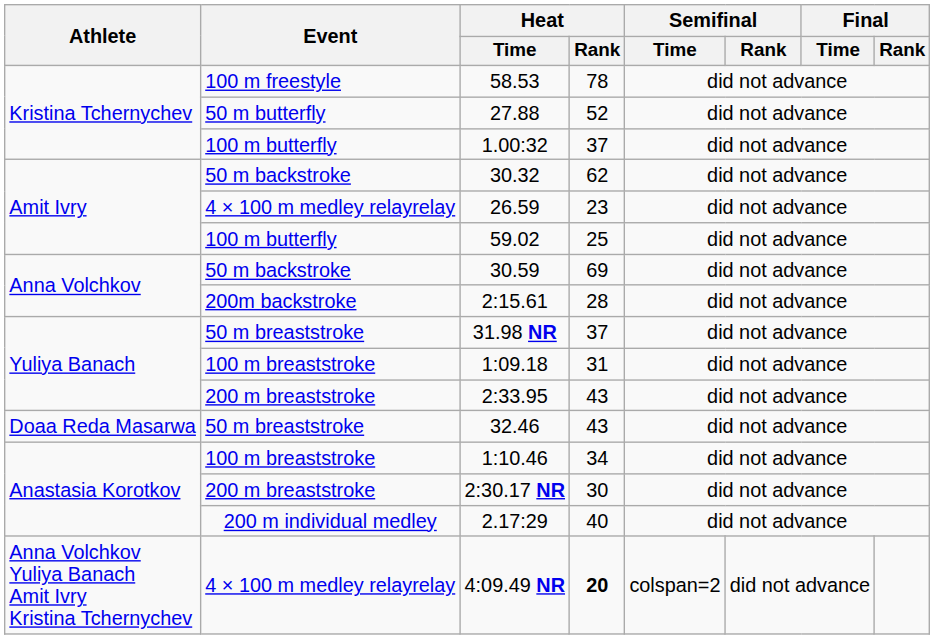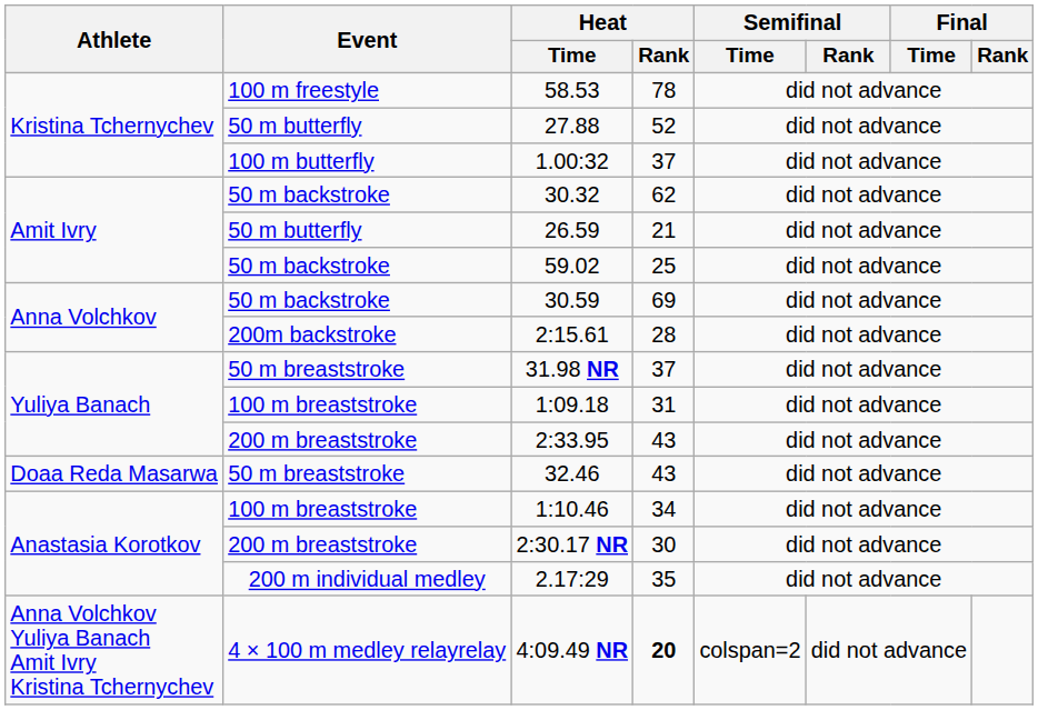 <table class=wikitable style="font-size:90%">
 <tr>
 <th rowspan="2">Athlete</th>
 <th rowspan="2">Event</th>
 <th colspan="2">Heat</th>
 <th colspan="2">Semifinal</th>
 <th colspan="2">Final</th>
 </tr>
 <tr style="font-size:95%">
 <th>Time</th>
 <th>Rank</th>
 <th>Time</th>
 <th>Rank</th>
 <th>Time</th>
 <th>Rank</th>
 </tr>
 <tr align=center>
 <td align=left rowspan=3><a href='#'>Kristina Tchernychev</a></td>
 <td align=left><a href='#'>100 m freestyle</a></td>
 <td>58.53</td>
 <td>78</td>
 <td colspan=4>did not advance</td>
 </tr>
 <tr align=center>
 <td align=left><a href='#'>50 m butterfly</a></td>
 <td>27.88</td>
 <td>52</td>
 <td colspan=4>did not advance</td>
 </tr>
 <tr align=center>
 <td align=left><a href='#'>100 m butterfly</a></td>
 <td>1.00:32</td>
 <td>37</td>
 <td colspan=4>did not advance</td>
 </tr>
 <tr align=center>
 <td align=left rowspan=3><a href='#'>Amit Ivry</a></td>
 <td align=left><a href='#'>50 m backstroke</a></td>
 <td>30.32</td>
 <td>62</td>
 <td colspan=4>did not advance</td>
 </tr>
 <tr align=center>
-<td align=left><a href='#'>4 × 100 m medley relayrelay</a></td>
+<td align=left><a href='#'>50 m butterfly</a></td>
 <td>26.59</td>
-<td>23</td>
+<td>21</td>
 <td colspan=4>did not advance</td>
 </tr>
 <tr align=center>
-<td align=left><a href='#'>100 m butterfly</a></td>
+<td align=left><a href='#'>50 m backstroke</a></td>
 <td>59.02</td>
 <td>25</td>
 <td colspan=4>did not advance</td>
 </tr>
 <tr align=center>
 <td align=left rowspan=2><a href='#'>Anna Volchkov</a></td>
 <td align=left><a href='#'>50 m backstroke</a></td>
 <td>30.59</td>
 <td>69</td>
 <td colspan=4>did not advance</td>
 </tr>
 <tr align=center>
 <td align=left><a href='#'>200m backstroke</a></td>
 <td>2:15.61</td>
 <td>28</td>
 <td colspan=4>did not advance</td>
 </tr>
 <tr align=center>
 <td align=left rowspan=3><a href='#'>Yuliya Banach</a></td>
 <td align=left><a href='#'>50 m breaststroke</a></td>
 <td>31.98 <strong><a href='#'>NR</a></strong></td>
 <td>37</td>
 <td colspan=4>did not advance</td>
 </tr>
 <tr align=center>
 <td align=left><a href='#'>100 m breaststroke</a></td>
 <td>1:09.18</td>
 <td>31</td>
 <td colspan=4>did not advance</td>
 </tr>
 <tr align=center>
 <td align=left><a href='#'>200 m breaststroke</a></td>
 <td>2:33.95</td>
 <td>43</td>
 <td colspan=4>did not advance</td>
 </tr>
 <tr align=center>
 <td align=left><a href='#'>Doaa Reda Masarwa</a></td>
 <td align=left><a href='#'>50 m breaststroke</a></td>
 <td>32.46</td>
 <td>43</td>
 <td colspan=4>did not advance</td>
 </tr>
 <tr align=center>
 <td align=left rowspan=3><a href='#'>Anastasia Korotkov</a></td>
 <td align=left><a href='#'>100 m breaststroke</a></td>
 <td>1:10.46</td>
 <td>34</td>
 <td colspan=4>did not advance</td>
 </tr>
 <tr align=center>
 <td align=left><a href='#'>200 m breaststroke</a></td>
 <td>2:30.17 <strong><a href='#'>NR</a></strong></td>
 <td>30</td>
 <td colspan=4>did not advance</td>
 </tr>
 <tr align=center>
 <td><a href='#'>200 m individual medley</a></td>
 <td>2.17:29</td>
-<td>40</td>
+<td>35</td>
 <td colspan=4>did not advance</td>
 </tr>
 <tr align=center>
 <td align=left><a href='#'>Anna Volchkov</a><br><a href='#'>Yuliya Banach</a><br><a href='#'>Amit Ivry</a><br><a href='#'>Kristina Tchernychev</a></td>
 <td align=left><a href='#'>4 × 100 m medley relayrelay</a></td>
 <td>4:09.49 <strong><a href='#'>NR</a></strong></td>
 <td><strong>20</strong></td>
 <td>colspan=2 </td>
 <td colspan=2>did not advance</td>
 <td align=left><br> <br> <br></td>
 </tr>
 </table>
